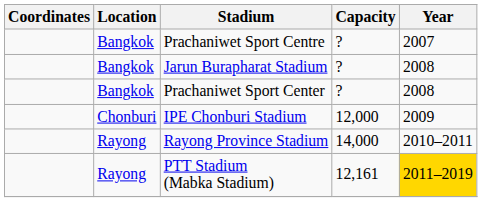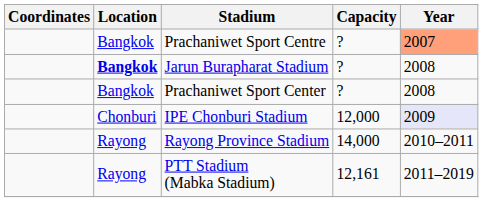 <table class="wikitable sortable">
 <tr>
 <th>Coordinates</th>
 <th>Location</th>
 <th>Stadium</th>
 <th>Capacity</th>
 <th>Year</th>
 </tr>
 <tr>
 <td></td>
 <td><a href='#'>Bangkok</a></td>
 <td>Prachaniwet Sport Centre</td>
 <td>?</td>
-<td>2007</td>
+<td style="background: lightsalmon;">2007</td>
 </tr>
 <tr>
 <td></td>
-<td><a href='#'>Bangkok</a></td>
+<td><strong><a href='#'>Bangkok</a></strong></td>
 <td><a href='#'>Jarun Burapharat Stadium</a></td>
 <td>?</td>
 <td>2008</td>
 </tr>
 <tr>
 <td></td>
 <td><a href='#'>Bangkok</a></td>
 <td>Prachaniwet Sport Center</td>
 <td>?</td>
 <td>2008</td>
 </tr>
 <tr>
 <td></td>
 <td><a href='#'>Chonburi</a></td>
 <td><a href='#'>IPE Chonburi Stadium</a></td>
 <td>12,000</td>
-<td>2009</td>
+<td style="background: lavender;">2009</td>
 </tr>
 <tr>
 <td></td>
 <td><a href='#'>Rayong</a></td>
 <td><a href='#'>Rayong Province Stadium</a></td>
 <td>14,000</td>
 <td>2010–2011</td>
 </tr>
 <tr>
 <td></td>
 <td><a href='#'>Rayong</a></td>
 <td><a href='#'>PTT Stadium</a><br>(Mabka Stadium)</td>
 <td>12,161</td>
-<td style="background: gold;">2011–2019</td>
+<td>2011–2019</td>
 </tr>
 <tr>
 </tr>
 </table>
